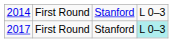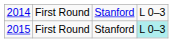 <table class="wikitable collapsible collapsed">
 <tr align="center">
 <td><a href='#'>2014</a></td>
 <td>First Round</td>
 <td><a href='#'>Stanford</a></td>
 <td>L 0–3</td>
 </tr>
 <tr align="center">
-<td><a href='#'>2017</a></td>
+<td><a href='#'>2015</a></td>
 <td>First Round</td>
 <td>Stanford</td>
 <td style="background: paleturquoise;">L 0–3</td>
 </tr>
 </table>
